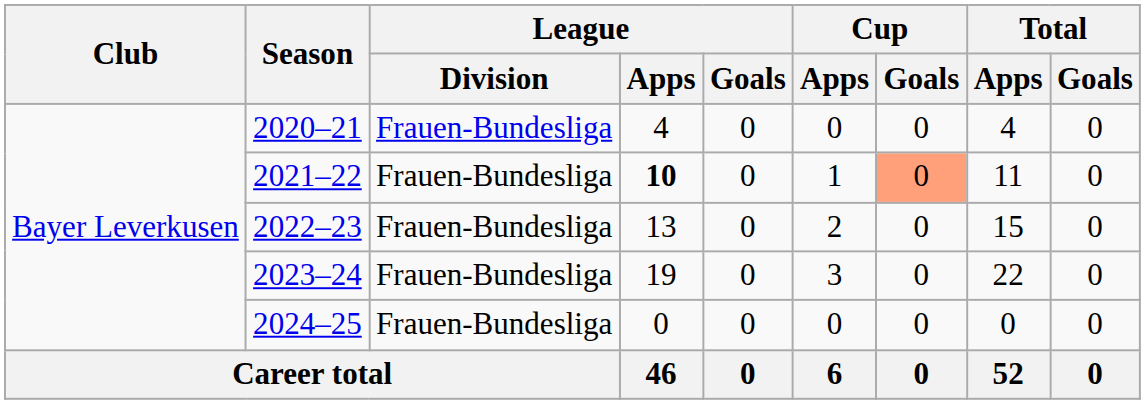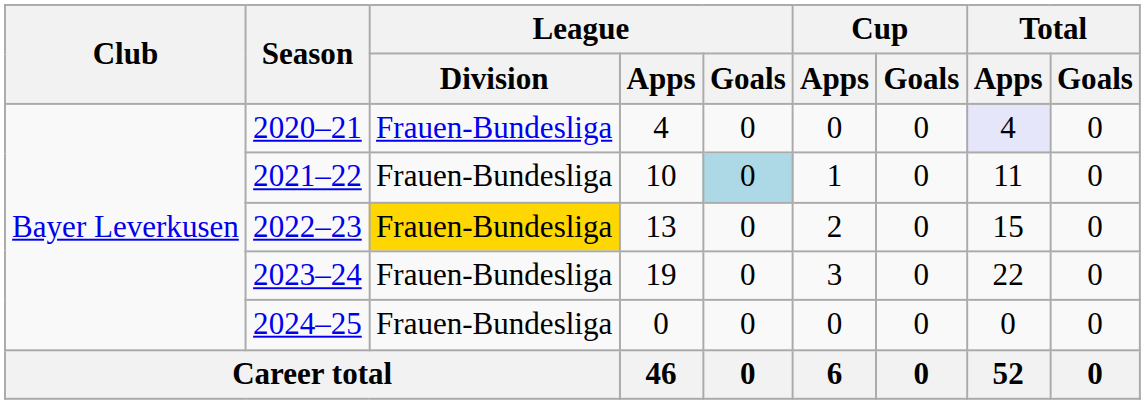 <table class="wikitable" style="text-align: center;">
 <tr>
 <th rowspan="2">Club</th>
 <th rowspan="2">Season</th>
 <th colspan="3">League</th>
 <th colspan="2">Cup</th>
 <th colspan="2">Total</th>
 </tr>
 <tr>
 <th>Division</th>
 <th>Apps</th>
 <th>Goals</th>
 <th>Apps</th>
 <th>Goals</th>
 <th>Apps</th>
 <th>Goals</th>
 </tr>
 <tr>
 <td rowspan="5"><a href='#'>Bayer Leverkusen</a></td>
 <td><a href='#'>2020–21</a></td>
 <td><a href='#'>Frauen-Bundesliga</a></td>
 <td>4</td>
 <td>0</td>
 <td>0</td>
 <td>0</td>
-<td>4</td>
+<td style="background: lavender;">4</td>
 <td>0</td>
 </tr>
 <tr>
 <td><a href='#'>2021–22</a></td>
 <td>Frauen-Bundesliga</td>
-<td><strong>10</strong></td>
+<td>10</td>
+<td style="background: lightblue;">0</td>
+<td>1</td>
 <td>0</td>
-<td>1</td>
-<td style="background: lightsalmon;">0</td>
 <td>11</td>
 <td>0</td>
 </tr>
 <tr>
 <td><a href='#'>2022–23</a></td>
-<td>Frauen-Bundesliga</td>
+<td style="background: gold;">Frauen-Bundesliga</td>
 <td>13</td>
 <td>0</td>
 <td>2</td>
 <td>0</td>
 <td>15</td>
 <td>0</td>
 </tr>
 <tr>
 <td><a href='#'>2023–24</a></td>
 <td>Frauen-Bundesliga</td>
 <td>19</td>
 <td>0</td>
 <td>3</td>
 <td>0</td>
 <td>22</td>
 <td>0</td>
 </tr>
 <tr>
 <td><a href='#'>2024–25</a></td>
 <td>Frauen-Bundesliga</td>
 <td>0</td>
 <td>0</td>
 <td>0</td>
 <td>0</td>
 <td>0</td>
 <td>0</td>
 </tr>
 <tr>
 <th colspan=3>Career total</th>
 <th>46</th>
 <th>0</th>
 <th>6</th>
 <th>0</th>
 <th>52</th>
 <th>0</th>
 </tr>
 </table>
